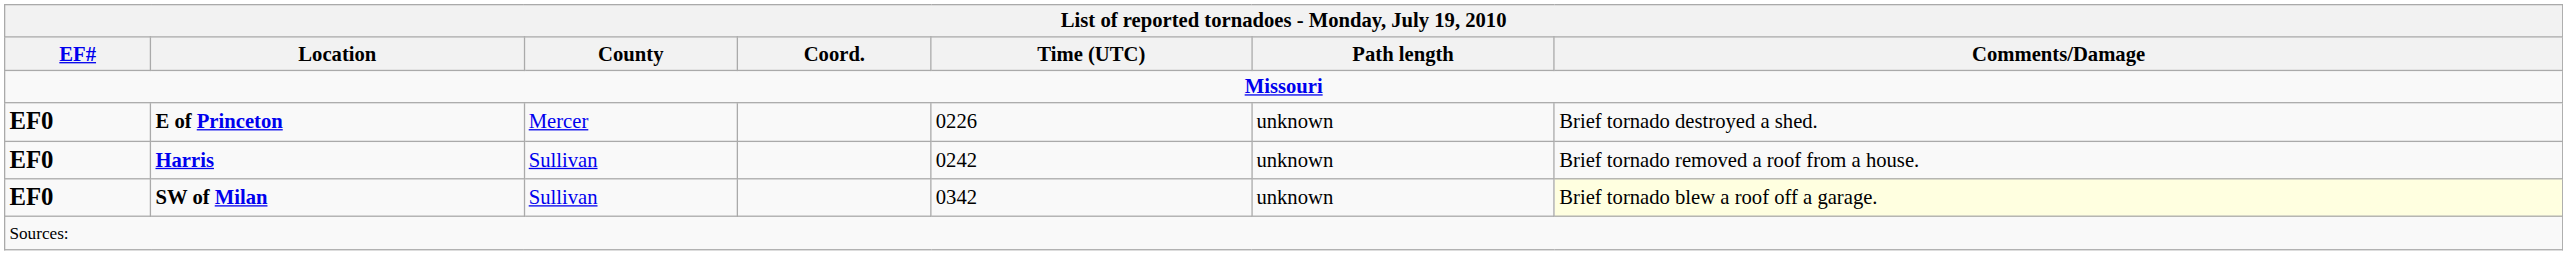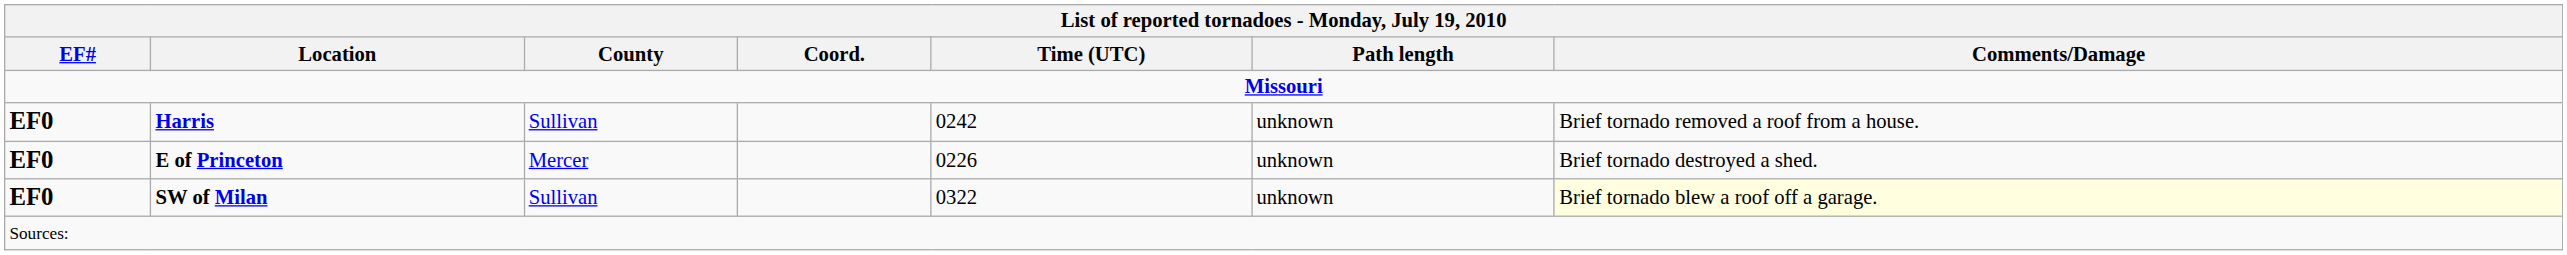 <table class="wikitable collapsible" style="width:100%;">
 <tr>
 <th colspan="7">List of reported tornadoes - Monday, July 19, 2010</th>
 </tr>
 <tr>
 <th><a href='#'>EF#</a></th>
 <th>Location</th>
 <th>County</th>
 <th>Coord.</th>
 <th>Time (UTC)</th>
 <th>Path length</th>
 <th>Comments/Damage</th>
 </tr>
 <tr>
 <td colspan="7" style="text-align:center;"><strong><a href='#'>Missouri</a></strong></td>
 </tr>
 <tr>
 <td><big><strong>EF0</strong></big></td>
+<td><strong><a href='#'>Harris</a></strong></td>
+<td><a href='#'>Sullivan</a></td>
+<td></td>
+<td>0242</td>
+<td>unknown</td>
+<td>Brief tornado removed a roof from a house.</td>
+</tr>
+<tr>
+<td><big><strong>EF0</strong></big></td>
 <td><strong>E of <a href='#'>Princeton</a></strong></td>
 <td><a href='#'>Mercer</a></td>
 <td></td>
 <td>0226</td>
 <td>unknown</td>
 <td>Brief tornado destroyed a shed.</td>
 </tr>
 <tr>
 <td><big><strong>EF0</strong></big></td>
-<td><strong><a href='#'>Harris</a></strong></td>
-<td><a href='#'>Sullivan</a></td>
-<td></td>
-<td>0242</td>
-<td>unknown</td>
-<td>Brief tornado removed a roof from a house.</td>
-</tr>
-<tr>
-<td><big><strong>EF0</strong></big></td>
 <td><strong>SW of <a href='#'>Milan</a></strong></td>
 <td><a href='#'>Sullivan</a></td>
 <td></td>
-<td>0342</td>
+<td>0322</td>
 <td>unknown</td>
 <td style="background: lightyellow;">Brief tornado blew a roof off a garage.</td>
 </tr>
 <tr>
 <td colspan="7"><small>Sources: </small></td>
 </tr>
 </table>
